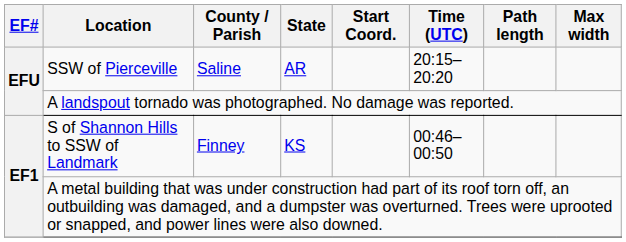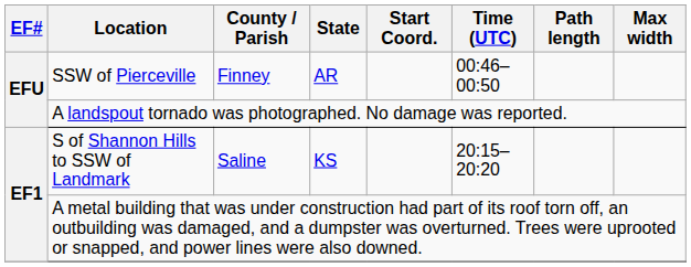 <table class="wikitable sortable" style="width:100%;">
 <tr>
 <th scope="col" width="2%" align="center"><a href='#'>EF#</a></th>
 <th scope="col" align="center" class="unsortable">Location</th>
 <th scope="col" align="center" class="unsortable">County / Parish</th>
 <th scope="col" align="center">State</th>
 <th scope="col" align="center">Start Coord.</th>
 <th scope="col" align="center">Time (<a href='#'>UTC</a>)</th>
 <th scope="col" align="center">Path length</th>
 <th scope="col" align="center">Max width</th>
 </tr>
 <tr>
 <th scope="row" rowspan="2" style="background-color:#">EFU</th>
 <td>SSW of <a href='#'>Pierceville</a></td>
-<td><a href='#'>Saline</a></td>
+<td><a href='#'>Finney</a></td>
 <td><a href='#'>AR</a></td>
 <td></td>
-<td>20:15–20:20</td>
+<td>00:46–00:50</td>
 <td></td>
 <td></td>
 </tr>
 <tr class="expand-child">
 <td colspan="8" style=" border-bottom: 1px solid black;">A <a href='#'>landspout</a> tornado was photographed. No damage was reported.</td>
 </tr>
 <tr>
 <th scope="row" rowspan="2" style="background-color:#">EF1</th>
 <td>S of <a href='#'>Shannon Hills</a> to SSW of <a href='#'>Landmark</a></td>
-<td><a href='#'>Finney</a></td>
+<td><a href='#'>Saline</a></td>
 <td><a href='#'>KS</a></td>
 <td></td>
-<td>00:46–00:50</td>
+<td>20:15–20:20</td>
 <td></td>
 <td></td>
 </tr>
 <tr class="expand-child">
 <td colspan="8" style=" border-bottom: 1px solid black;">A metal building that was under construction had part of its roof torn off, an outbuilding was damaged, and a dumpster was overturned. Trees were uprooted or snapped, and power lines were also downed.</td>
 </tr>
 <tr>
 </tr>
 </table>
